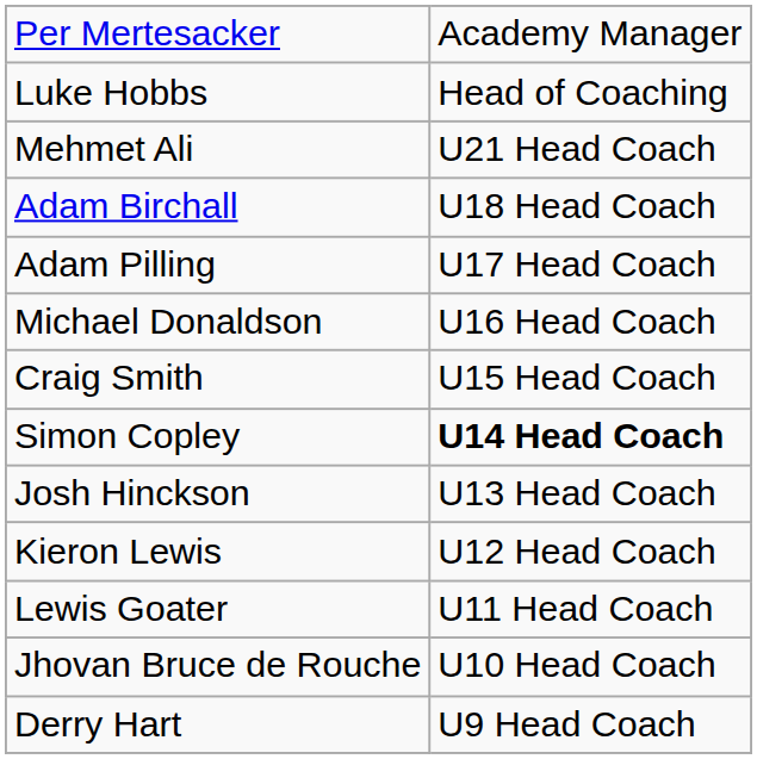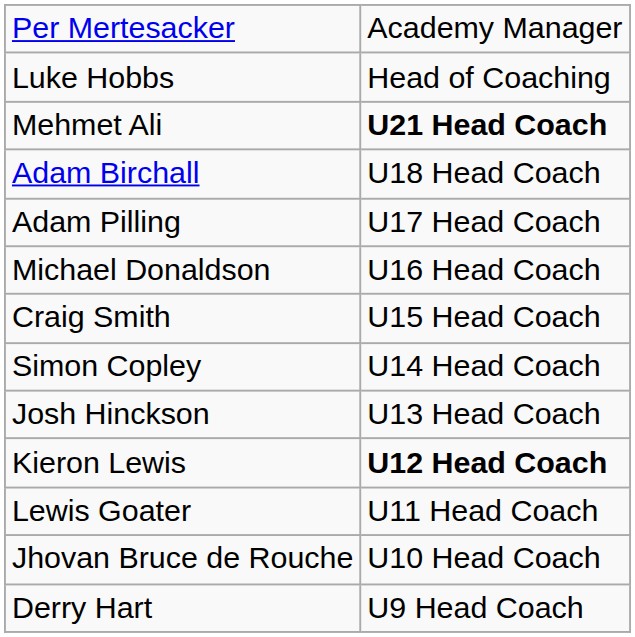 <table class="wikitable sortable">
 <tr>
 <td> <a href='#'>Per Mertesacker</a></td>
 <td>Academy Manager</td>
 </tr>
 <tr>
 <td> Luke Hobbs</td>
 <td>Head of Coaching</td>
 </tr>
 <tr>
 <td> Mehmet Ali</td>
-<td>U21 Head Coach</td>
+<td><strong>U21 Head Coach</strong></td>
 </tr>
 <tr>
 <td> <a href='#'>Adam Birchall</a></td>
 <td>U18 Head Coach</td>
 </tr>
 <tr>
 <td> Adam Pilling</td>
 <td>U17 Head Coach</td>
 </tr>
 <tr>
 <td> Michael Donaldson</td>
 <td>U16 Head Coach</td>
 </tr>
 <tr>
 <td> Craig Smith</td>
 <td>U15 Head Coach</td>
 </tr>
 <tr>
 <td> Simon Copley</td>
-<td><strong>U14 Head Coach</strong></td>
+<td>U14 Head Coach</td>
 </tr>
 <tr>
 <td> Josh Hinckson</td>
 <td>U13 Head Coach</td>
 </tr>
 <tr>
 <td> Kieron Lewis</td>
-<td>U12 Head Coach</td>
+<td><strong>U12 Head Coach</strong></td>
 </tr>
 <tr>
 <td> Lewis Goater</td>
 <td>U11 Head Coach</td>
 </tr>
 <tr>
 <td> Jhovan Bruce de Rouche</td>
 <td>U10 Head Coach</td>
 </tr>
 <tr>
 <td> Derry Hart</td>
 <td>U9 Head Coach</td>
 </tr>
 </table>
